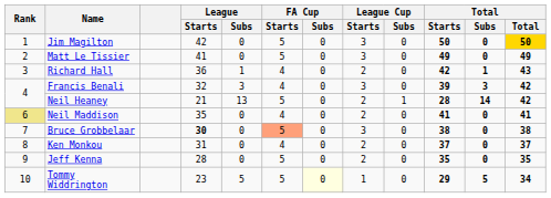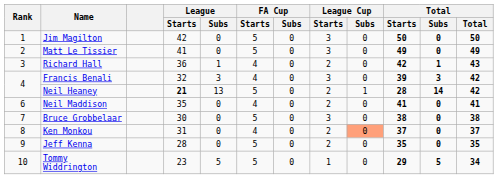 <table class="wikitable plainrowheaders" style="text-align:center;">
 <tr>
 <th scope="col" rowspan="2" style="width:4em;">Rank</th>
 <th scope="col" rowspan="2" style="width:10em;">Name</th>
 <th scope="col" rowspan="2" style="width:4em;"></th>
 <th scope="col" colspan="2">League</th>
 <th scope="col" colspan="2">FA Cup</th>
 <th scope="col" colspan="2">League Cup</th>
 <th scope="col" colspan="3">Total</th>
 </tr>
 <tr>
 <th scope="col" style="width:4em;">Starts</th>
 <th scope="col" style="width:4em;">Subs</th>
 <th scope="col" style="width:4em;">Starts</th>
 <th scope="col" style="width:4em;">Subs</th>
 <th scope="col" style="width:4em;">Starts</th>
 <th scope="col" style="width:4em;">Subs</th>
 <th scope="col" style="width:4em;">Starts</th>
 <th scope="col" style="width:4em;">Subs</th>
 <th scope="col" style="width:4em;">Total</th>
 </tr>
 <tr>
 <td>1</td>
 <td align="left"><a href='#'>Jim Magilton</a></td>
 <td></td>
 <td>42</td>
 <td>0</td>
 <td>5</td>
 <td>0</td>
 <td>3</td>
 <td>0</td>
 <td><strong>50</strong></td>
 <td><strong>0</strong></td>
-<td style="background: gold;"><strong>50</strong></td>
+<td><strong>50</strong></td>
 </tr>
 <tr>
 <td>2</td>
 <td align="left"><a href='#'>Matt Le Tissier</a></td>
 <td></td>
 <td>41</td>
 <td>0</td>
 <td>5</td>
 <td>0</td>
 <td>3</td>
 <td>0</td>
 <td><strong>49</strong></td>
 <td><strong>0</strong></td>
 <td><strong>49</strong></td>
 </tr>
 <tr>
 <td>3</td>
 <td align="left"><a href='#'>Richard Hall</a></td>
 <td></td>
 <td>36</td>
 <td>1</td>
 <td>4</td>
 <td>0</td>
 <td>2</td>
 <td>0</td>
 <td><strong>42</strong></td>
 <td><strong>1</strong></td>
 <td><strong>43</strong></td>
 </tr>
 <tr>
 <td rowspan="2">4</td>
 <td align="left"><a href='#'>Francis Benali</a></td>
 <td></td>
 <td>32</td>
 <td>3</td>
 <td>4</td>
 <td>0</td>
 <td>3</td>
 <td>0</td>
 <td><strong>39</strong></td>
 <td><strong>3</strong></td>
 <td><strong>42</strong></td>
 </tr>
 <tr>
 <td align="left"><a href='#'>Neil Heaney</a></td>
 <td></td>
-<td>21</td>
+<td><strong>21</strong></td>
 <td>13</td>
 <td>5</td>
 <td>0</td>
 <td>2</td>
 <td>1</td>
 <td><strong>28</strong></td>
 <td><strong>14</strong></td>
 <td><strong>42</strong></td>
 </tr>
 <tr>
-<td style="background: khaki;">6</td>
+<td>6</td>
 <td align="left"><a href='#'>Neil Maddison</a></td>
 <td></td>
 <td>35</td>
 <td>0</td>
 <td>4</td>
 <td>0</td>
 <td>2</td>
 <td>0</td>
 <td><strong>41</strong></td>
 <td><strong>0</strong></td>
 <td><strong>41</strong></td>
 </tr>
 <tr>
 <td>7</td>
 <td align="left"><a href='#'>Bruce Grobbelaar</a></td>
 <td></td>
-<td><strong>30</strong></td>
+<td>30</td>
 <td>0</td>
-<td style="background: lightsalmon;">5</td>
+<td>5</td>
 <td>0</td>
 <td>3</td>
 <td>0</td>
 <td><strong>38</strong></td>
 <td><strong>0</strong></td>
 <td><strong>38</strong></td>
 </tr>
 <tr>
 <td>8</td>
 <td align="left"><a href='#'>Ken Monkou</a></td>
 <td></td>
 <td>31</td>
 <td>0</td>
 <td>4</td>
 <td>0</td>
 <td>2</td>
-<td>0</td>
+<td style="background: lightsalmon;">0</td>
 <td><strong>37</strong></td>
 <td><strong>0</strong></td>
 <td><strong>37</strong></td>
 </tr>
 <tr>
 <td>9</td>
 <td align="left"><a href='#'>Jeff Kenna</a></td>
 <td></td>
 <td>28</td>
 <td>0</td>
 <td>5</td>
 <td>0</td>
 <td>2</td>
 <td>0</td>
 <td><strong>35</strong></td>
 <td><strong>0</strong></td>
 <td><strong>35</strong></td>
 </tr>
 <tr>
 <td>10</td>
 <td align="left"><a href='#'>Tommy Widdrington</a></td>
 <td></td>
 <td>23</td>
 <td>5</td>
 <td>5</td>
-<td style="background: lightyellow;">0</td>
+<td>0</td>
 <td>1</td>
 <td>0</td>
 <td><strong>29</strong></td>
 <td><strong>5</strong></td>
 <td><strong>34</strong></td>
 </tr>
 </table>
